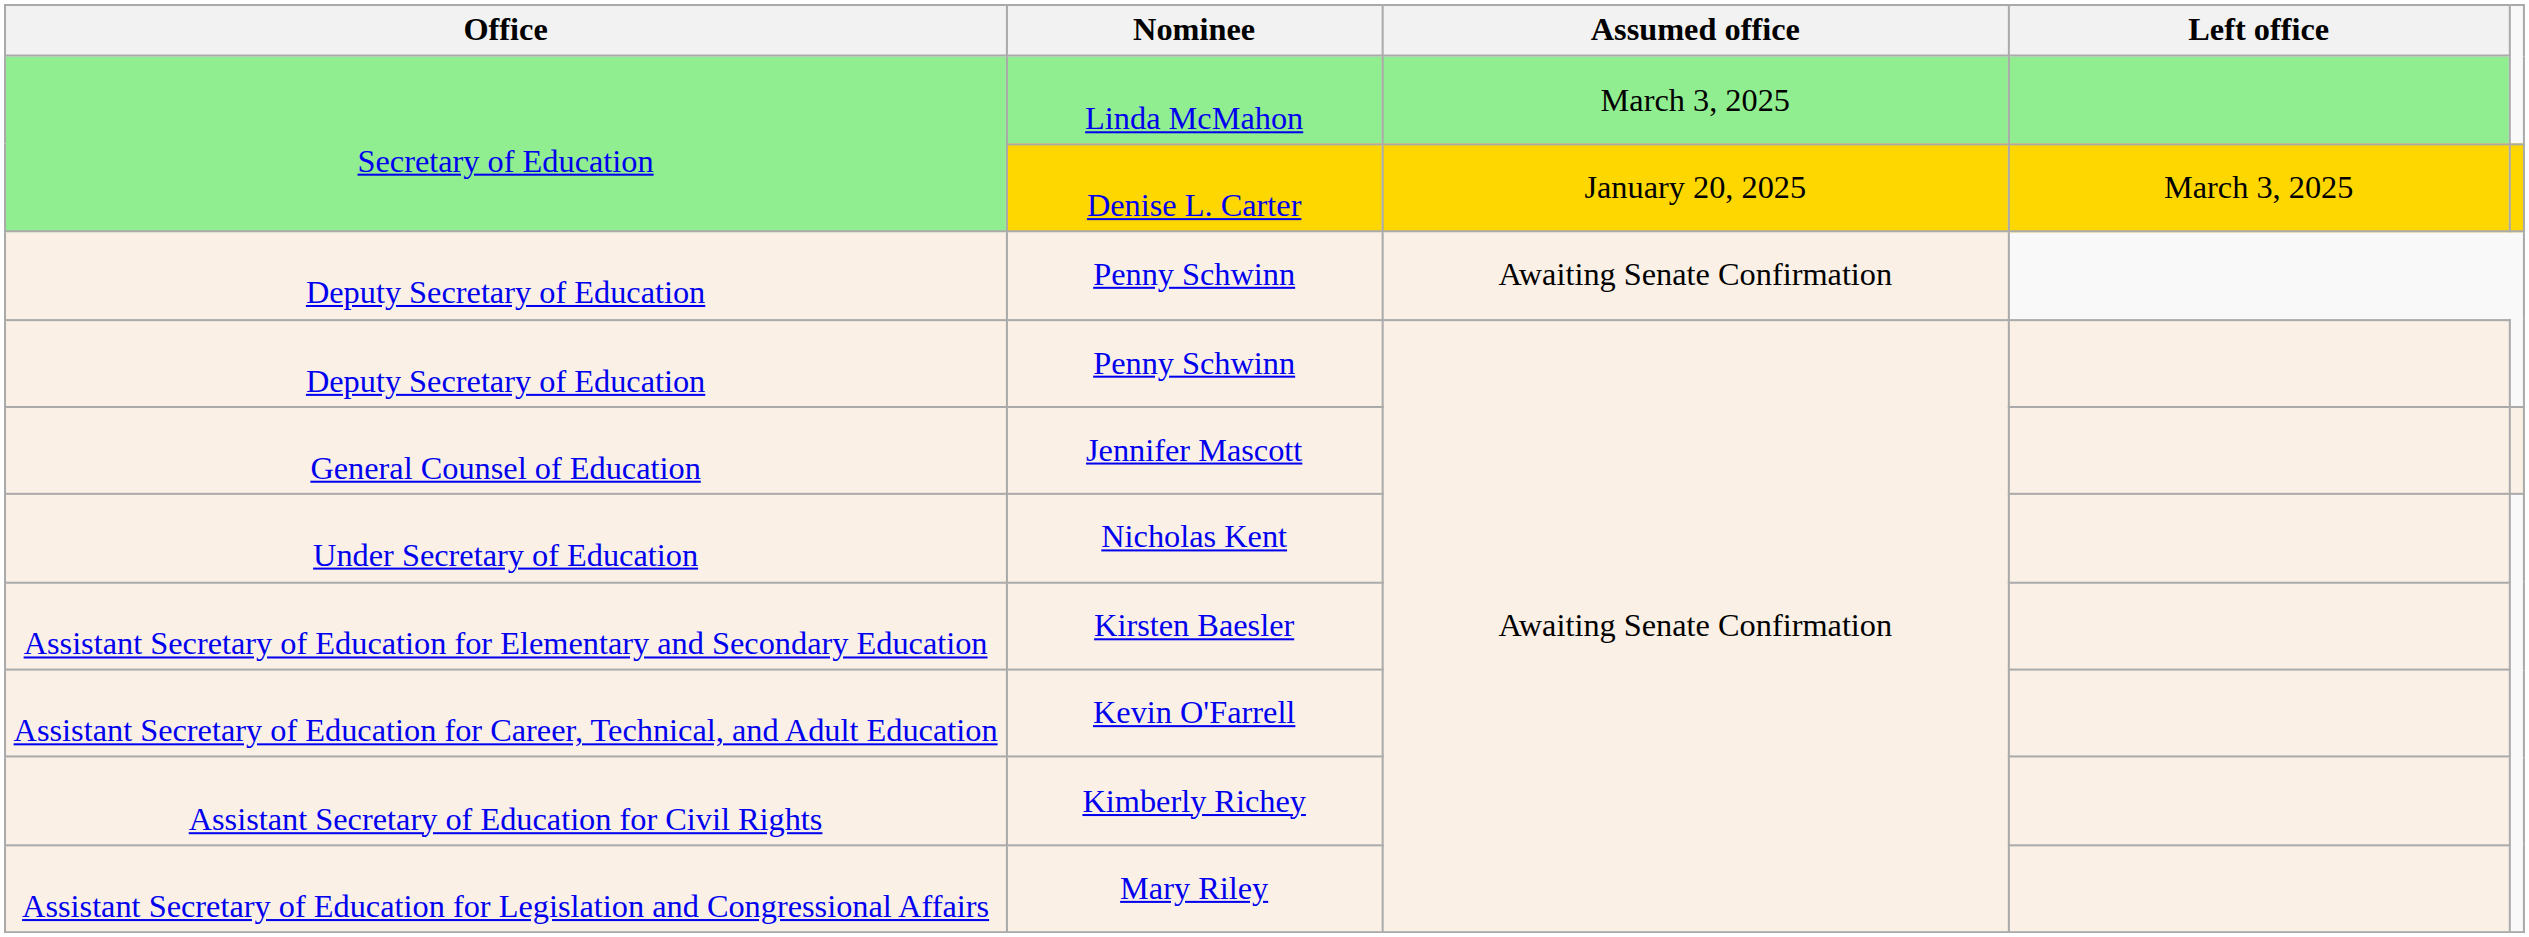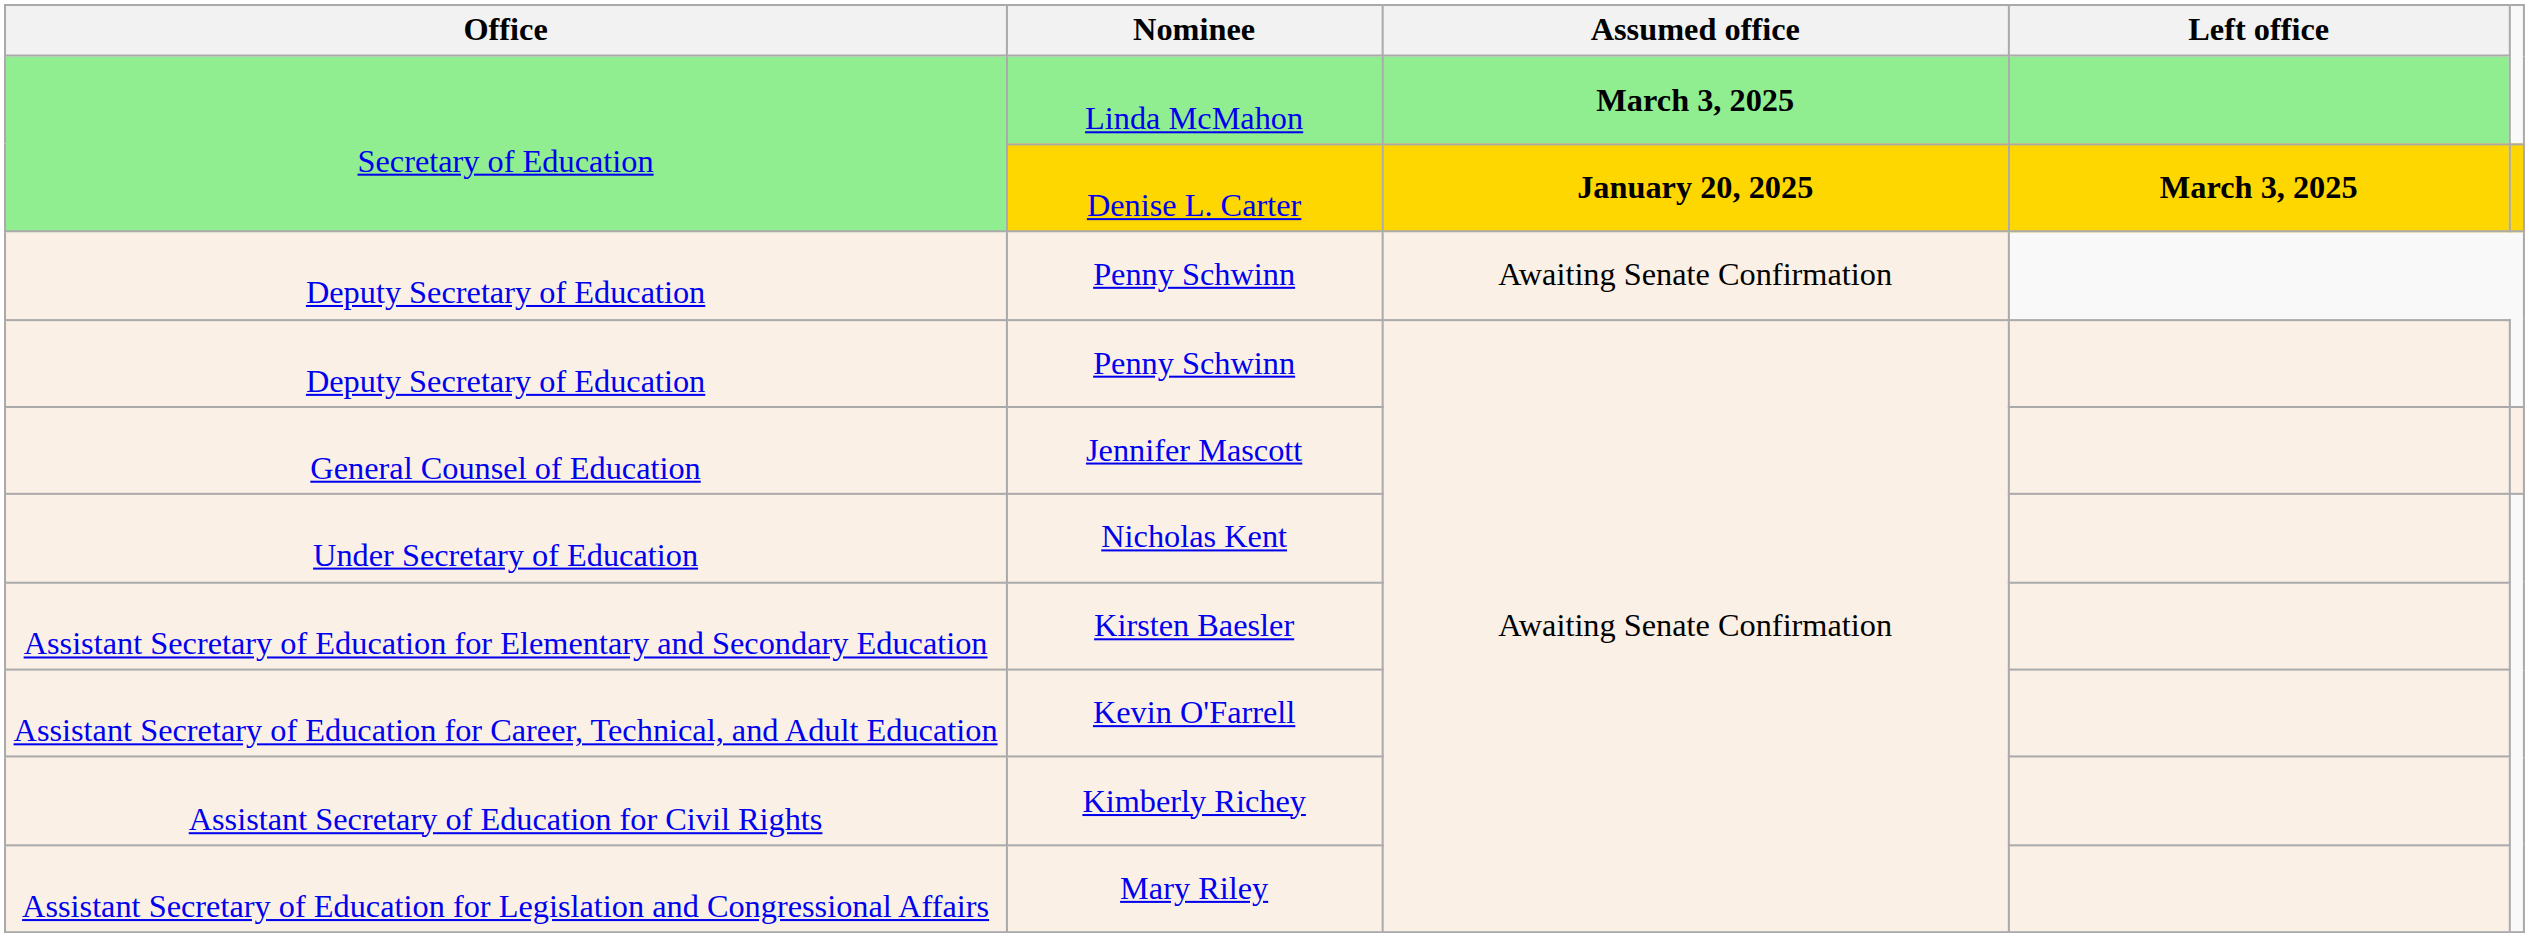 <table class="wikitable sortable" style="text-align:center">
 <tr>
 <th style="width:40%;">Office</th>
 <th style="width:15%;">Nominee</th>
 <th style="width:25%;" data-sort-="" type="date">Assumed office</th>
 <th style="width:20%;" data-sort-="" type="date">Left office</th>
 </tr>
 <tr style="background: lightgreen">
 <td rowspan="2"><br><a href='#'>Secretary of Education</a></td>
 <td><br><a href='#'>Linda McMahon</a></td>
-<td>March 3, 2025</td>
+<td><strong>March 3, 2025</strong></td>
 <td></td>
 </tr>
 <tr style="background:gold">
 <td><br><a href='#'>Denise L. Carter</a></td>
-<td>January 20, 2025</td>
-<td>March 3, 2025</td>
+<td><strong>January 20, 2025</strong></td>
+<td><strong>March 3, 2025</strong></td>
 <td></td>
 </tr>
 <tr style="background:linen">
 <td><br><a href='#'>Deputy Secretary of Education</a></td>
 <td><a href='#'>Penny Schwinn</a></td>
 <td>Awaiting Senate Confirmation</td>
 </tr>
 <tr style="background:linen">
 <td><br><a href='#'>Deputy Secretary of Education</a></td>
 <td><a href='#'>Penny Schwinn</a></td>
 <td rowspan="7">Awaiting Senate Confirmation</td>
 <td></td>
 </tr>
 <tr style="background:linen">
 <td><br><a href='#'>General Counsel of Education</a></td>
 <td><a href='#'>Jennifer Mascott</a></td>
 <td></td>
 <td></td>
 </tr>
 <tr style="background:linen">
 <td><br><a href='#'>Under Secretary of Education</a></td>
 <td><a href='#'>Nicholas Kent</a></td>
 <td></td>
 </tr>
 <tr style="background:linen">
 <td><br><a href='#'>Assistant Secretary of Education for Elementary and Secondary Education</a></td>
 <td><a href='#'>Kirsten Baesler</a></td>
 <td></td>
 </tr>
 <tr style="background:linen">
 <td><br><a href='#'>Assistant Secretary of Education for Career, Technical, and Adult Education</a></td>
 <td><a href='#'>Kevin O'Farrell</a></td>
 <td></td>
 </tr>
 <tr style="background:linen">
 <td><br><a href='#'>Assistant Secretary of Education for Civil Rights</a></td>
 <td><a href='#'>Kimberly Richey</a></td>
 <td></td>
 </tr>
 <tr style="background:linen">
 <td><br><a href='#'>Assistant Secretary of Education for Legislation and Congressional Affairs</a></td>
 <td><a href='#'>Mary Riley</a></td>
 <td></td>
 </tr>
 </table>
